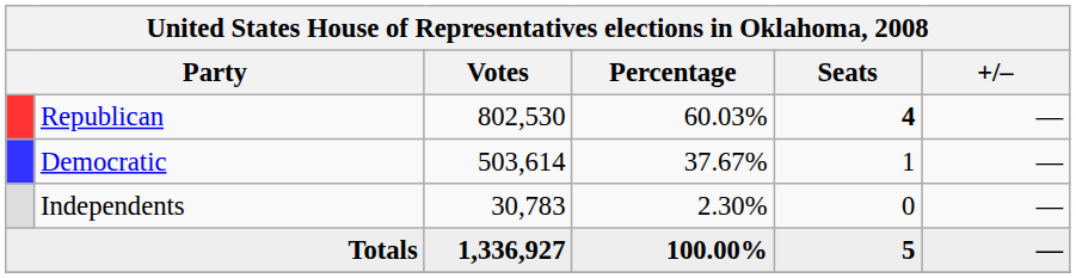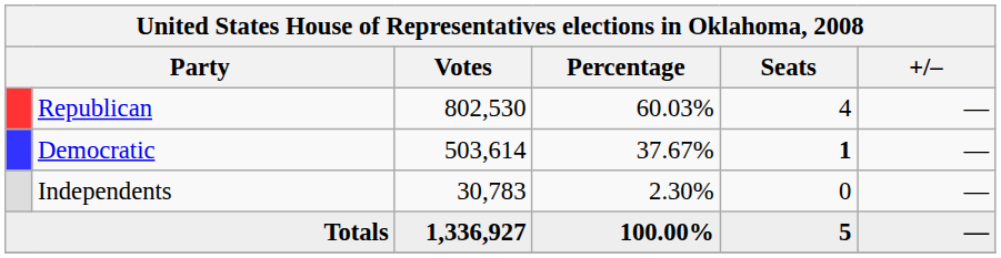 <table class="wikitable" style="font-size: 95%;">
 <tr>
 <th colspan="6">United States House of Representatives elections in Oklahoma, 2008</th>
 </tr>
 <tr>
 <th colspan=2 style="width: 15em">Party</th>
 <th style="width: 5em">Votes</th>
 <th style="width: 7em">Percentage</th>
 <th style="width: 5em">Seats</th>
 <th style="width: 5em">+/–</th>
 </tr>
 <tr>
 <th style="background-color:#FF3333; width: 3px"></th>
 <td style="width: 130px"><a href='#'>Republican</a></td>
 <td align="right">802,530</td>
 <td align="right">60.03%</td>
-<td align="right"><strong>4</strong></td>
+<td align="right">4</td>
 <td align="right">—</td>
 </tr>
 <tr>
 <th style="background-color:#3333FF; width: 3px"></th>
 <td style="width: 130px"><a href='#'>Democratic</a></td>
 <td align="right">503,614</td>
 <td align="right">37.67%</td>
-<td align="right">1</td>
+<td align="right"><strong>1</strong></td>
 <td align="right">—</td>
 </tr>
 <tr>
 <th style="background-color:#DDDDDD; width: 3px"></th>
 <td style="width: 130px">Independents</td>
 <td align="right">30,783</td>
 <td align="right">2.30%</td>
 <td align="right">0</td>
 <td align="right">—</td>
 </tr>
 <tr bgcolor="#EEEEEE">
 <td colspan="2" align="right"><strong>Totals</strong></td>
 <td align="right"><strong>1,336,927</strong></td>
 <td align="right"><strong>100.00%</strong></td>
 <td align="right"><strong>5</strong></td>
 <td align="right"><strong>—</strong></td>
 </tr>
 <tr bgcolor="#EEEEEE">
 </tr>
 </table>
